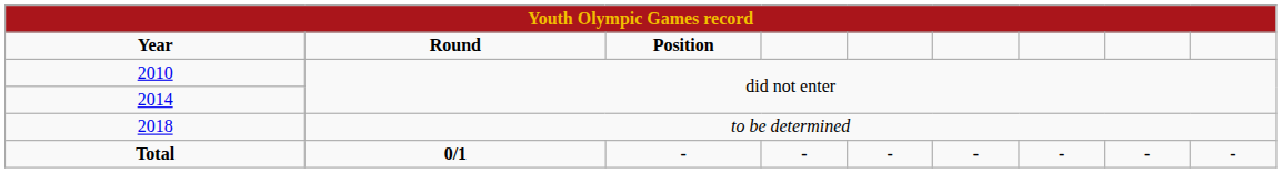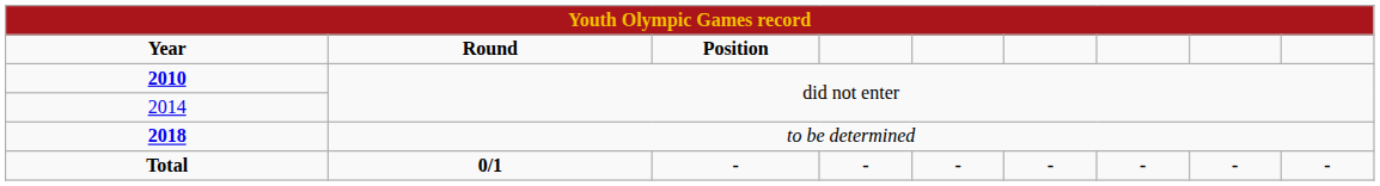 <table align=border width=52% border=1 cellpadding="2" cellspacing="0" style="background: #f9f9f9; border: 1px #aaa solid; border-collapse: collapse; font-size: 90%; text-align: center;">
 <tr bgcolor=#aa151b style="color:#f1bf00;">
 <th colspan=9>Youth Olympic Games record</th>
 </tr>
 <tr>
 <th width=100>Year</th>
 <th width=100>Round</th>
 <th width=25>Position</th>
 <th width=25></th>
 <th width=25></th>
 <th width=25></th>
 <th width=25></th>
 <th width=25></th>
 <th width=25></th>
 </tr>
 <tr>
-<td> <a href='#'>2010</a></td>
+<td><strong> <a href='#'>2010</a></strong></td>
 <td rowspan=2 colspan="8">did not enter</td>
 </tr>
 <tr>
 <td> <a href='#'>2014</a></td>
 </tr>
 <tr>
-<td> <a href='#'>2018</a></td>
+<td><strong> <a href='#'>2018</a></strong></td>
 <td colspan="8"><em>to be determined</em></td>
 </tr>
 <tr>
 <th><strong>Total</strong></th>
 <th>0/1</th>
 <th>-</th>
 <th>-</th>
 <th>-</th>
 <th>-</th>
 <th>-</th>
 <th>-</th>
 <th>-</th>
 </tr>
 </table>
